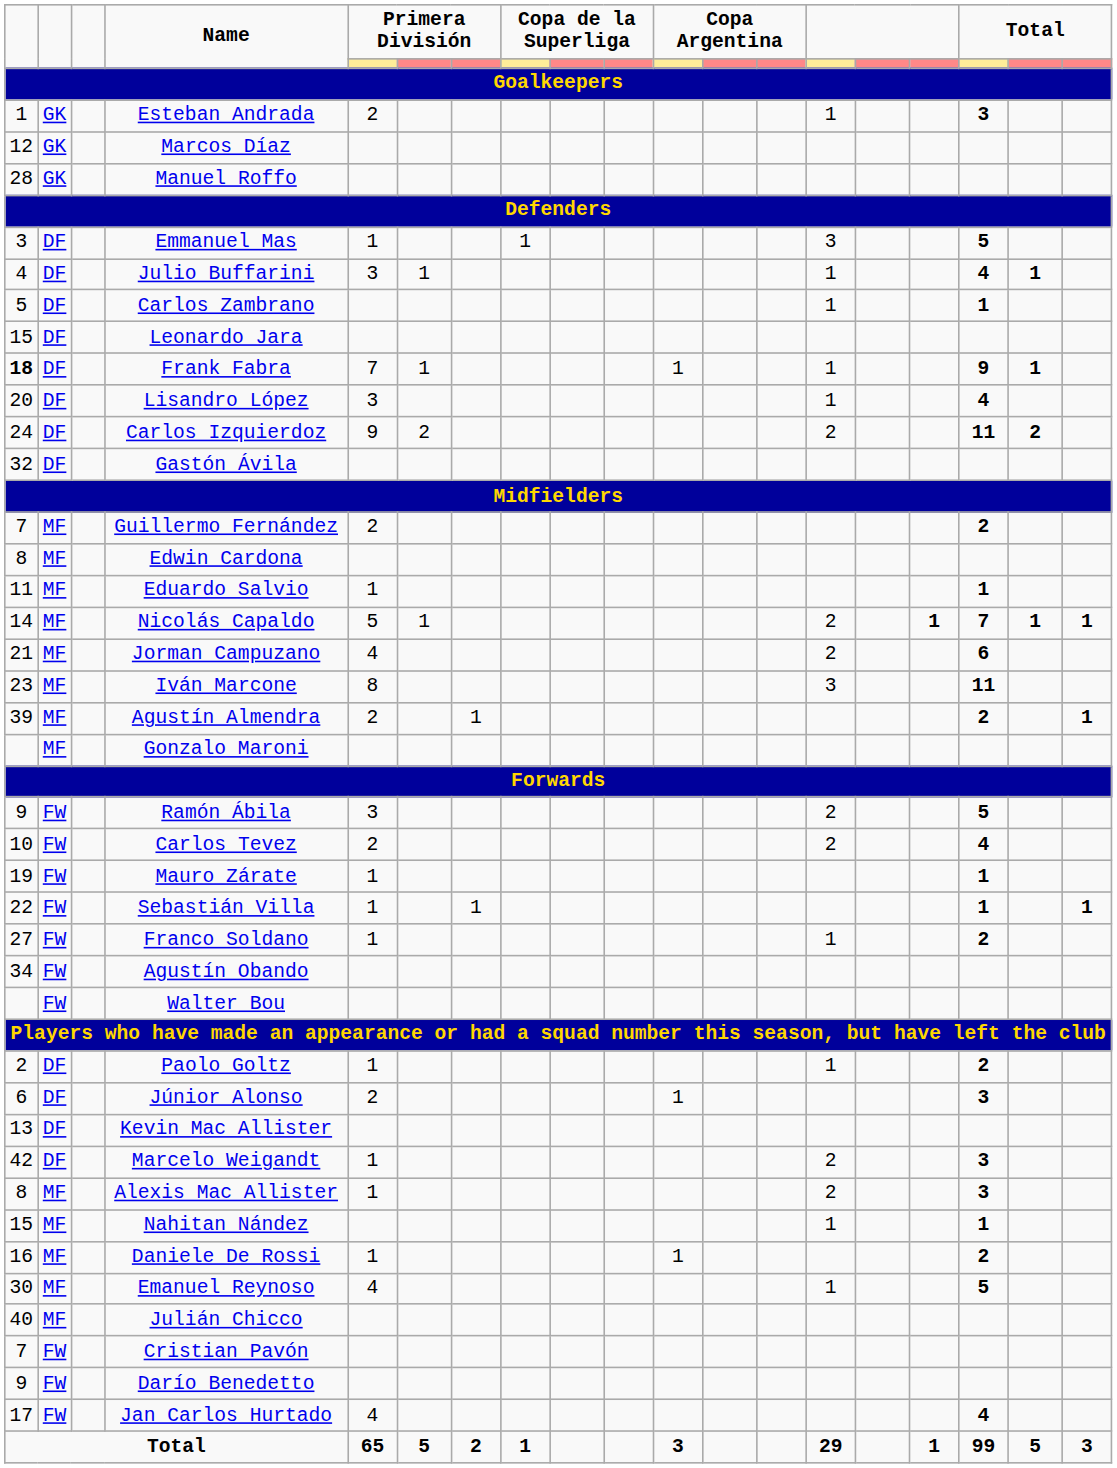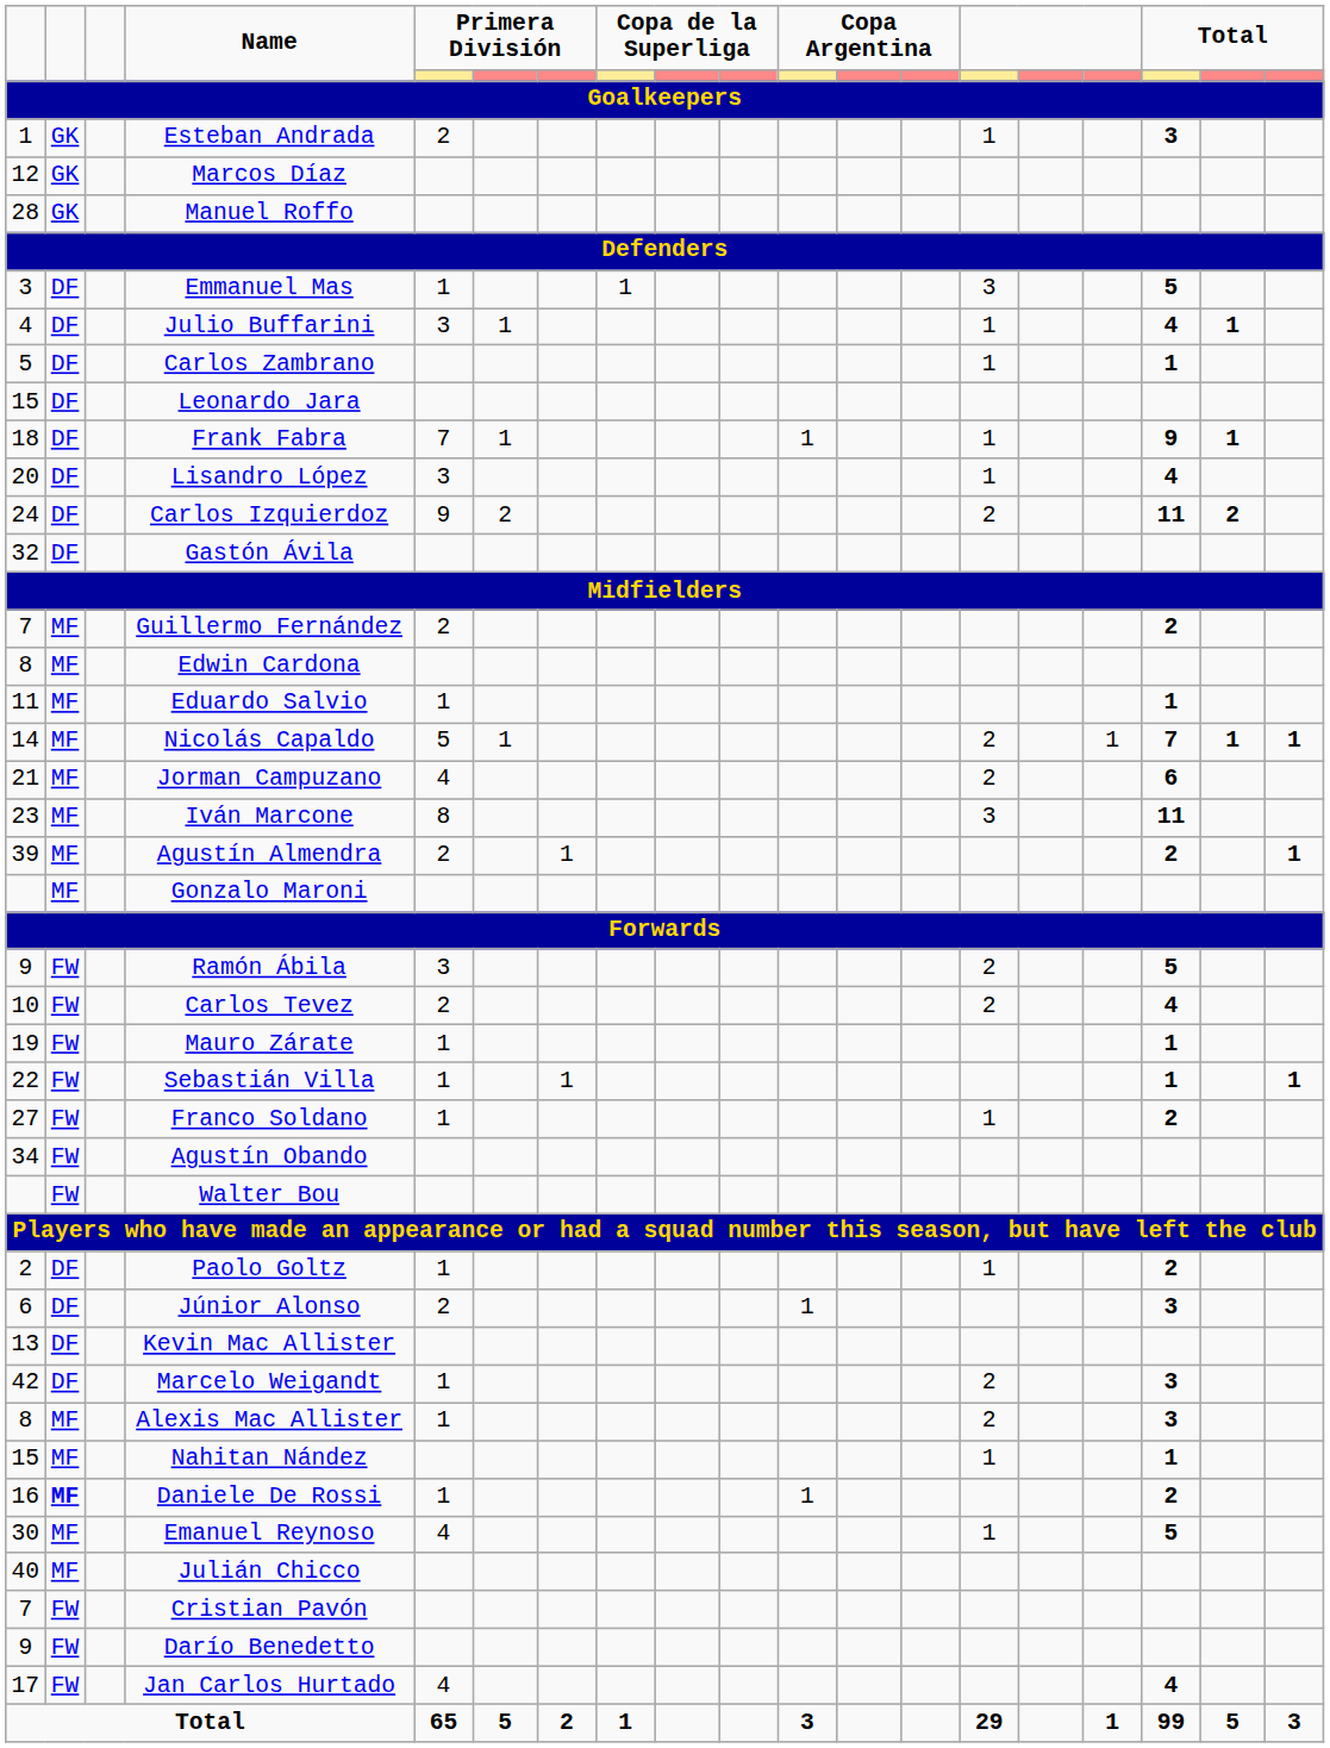 <table class="wikitable" style="font-size: 95%; text-align: center;">
 <tr>
 <td rowspan="2"  style="width:3%; text-align:center;"><strong></strong></td>
 <td rowspan="2"  style="width:3%; text-align:center;"><strong></strong></td>
 <td rowspan="2"  style="width:3%; text-align:center;"><strong></strong></td>
 <td rowspan="2"  style="width:22%; text-align:center;"><strong>Name</strong></td>
 <td colspan="3" style="text-align:center;"><strong>Primera División</strong></td>
 <td colspan="3" style="text-align:center;"><strong>Copa de la Superliga</strong></td>
 <td colspan="3" style="text-align:center;"><strong>Copa Argentina</strong></td>
 <td colspan="3" style="text-align:center;"><strong></strong></td>
 <td colspan="3" style="text-align:center;"><strong>Total</strong></td>
 </tr>
 <tr>
 <th style="width:25px; background:#fe9;"></th>
 <th style="width:28px; background:#ff8888;"></th>
 <th style="width:25px; background:#ff8888;"></th>
 <th style="width:25px; background:#fe9;"></th>
 <th style="width:28px; background:#ff8888;"></th>
 <th style="width:25px; background:#ff8888;"></th>
 <th style="width:25px; background:#fe9;"></th>
 <th style="width:28px; background:#ff8888;"></th>
 <th style="width:25px; background:#ff8888;"></th>
 <th style="width:25px; background:#fe9;"></th>
 <th style="width:28px; background:#ff8888;"></th>
 <th style="width:25px; background:#ff8888;"></th>
 <th style="width:25px; background:#fe9;"></th>
 <th style="width:28px; background:#ff8888;"></th>
 <th style="width:25px; background:#ff8888;"></th>
 </tr>
 <tr>
 <th colspan="22" style="background:#00009B; color:gold; text-align:center">Goalkeepers</th>
 </tr>
 <tr>
 <td>1</td>
 <td><a href='#'>GK</a></td>
 <td></td>
 <td><a href='#'>Esteban Andrada</a></td>
 <td>2</td>
 <td></td>
 <td></td>
 <td></td>
 <td></td>
 <td></td>
 <td></td>
 <td></td>
 <td></td>
 <td>1</td>
 <td></td>
 <td></td>
 <td><strong>3</strong></td>
 <td></td>
 <td></td>
 </tr>
 <tr>
 <td>12</td>
 <td><a href='#'>GK</a></td>
 <td></td>
 <td><a href='#'>Marcos Díaz</a></td>
 <td></td>
 <td></td>
 <td></td>
 <td></td>
 <td></td>
 <td></td>
 <td></td>
 <td></td>
 <td></td>
 <td></td>
 <td></td>
 <td></td>
 <td></td>
 <td></td>
 <td></td>
 </tr>
 <tr>
 <td>28</td>
 <td><a href='#'>GK</a></td>
 <td></td>
 <td><a href='#'>Manuel Roffo</a></td>
 <td></td>
 <td></td>
 <td></td>
 <td></td>
 <td></td>
 <td></td>
 <td></td>
 <td></td>
 <td></td>
 <td></td>
 <td></td>
 <td></td>
 <td></td>
 <td></td>
 <td></td>
 </tr>
 <tr>
 <th colspan="22" style="background:#00009B; color:gold; text-align:center">Defenders</th>
 </tr>
 <tr>
 <td>3</td>
 <td><a href='#'>DF</a></td>
 <td></td>
 <td><a href='#'>Emmanuel Mas</a></td>
 <td>1</td>
 <td></td>
 <td></td>
 <td>1</td>
 <td></td>
 <td></td>
 <td></td>
 <td></td>
 <td></td>
 <td>3</td>
 <td></td>
 <td></td>
 <td><strong>5</strong></td>
 <td></td>
 <td></td>
 </tr>
 <tr>
 <td>4</td>
 <td><a href='#'>DF</a></td>
 <td></td>
 <td><a href='#'>Julio Buffarini</a></td>
 <td>3</td>
 <td>1</td>
 <td></td>
 <td></td>
 <td></td>
 <td></td>
 <td></td>
 <td></td>
 <td></td>
 <td>1</td>
 <td></td>
 <td></td>
 <td><strong>4</strong></td>
 <td><strong>1</strong></td>
 <td></td>
 </tr>
 <tr>
 <td>5</td>
 <td><a href='#'>DF</a></td>
 <td></td>
 <td><a href='#'>Carlos Zambrano</a></td>
 <td></td>
 <td></td>
 <td></td>
 <td></td>
 <td></td>
 <td></td>
 <td></td>
 <td></td>
 <td></td>
 <td>1</td>
 <td></td>
 <td></td>
 <td><strong>1</strong></td>
 <td></td>
 <td></td>
 </tr>
 <tr>
 <td>15</td>
 <td><a href='#'>DF</a></td>
 <td></td>
 <td><a href='#'>Leonardo Jara</a></td>
 <td></td>
 <td></td>
 <td></td>
 <td></td>
 <td></td>
 <td></td>
 <td></td>
 <td></td>
 <td></td>
 <td></td>
 <td></td>
 <td></td>
 <td><strong> </strong></td>
 <td></td>
 <td></td>
 </tr>
 <tr>
-<td><strong>18</strong></td>
+<td>18</td>
 <td><a href='#'>DF</a></td>
 <td></td>
 <td><a href='#'>Frank Fabra</a></td>
 <td>7</td>
 <td>1</td>
 <td></td>
 <td></td>
 <td></td>
 <td></td>
 <td>1</td>
 <td></td>
 <td></td>
 <td>1</td>
 <td></td>
 <td></td>
 <td><strong>9</strong></td>
 <td><strong>1</strong></td>
 <td></td>
 </tr>
 <tr>
 <td>20</td>
 <td><a href='#'>DF</a></td>
 <td></td>
 <td><a href='#'>Lisandro López</a></td>
 <td>3</td>
 <td></td>
 <td></td>
 <td></td>
 <td></td>
 <td></td>
 <td></td>
 <td></td>
 <td></td>
 <td>1</td>
 <td></td>
 <td></td>
 <td><strong>4</strong></td>
 <td></td>
 <td></td>
 </tr>
 <tr>
 <td>24</td>
 <td><a href='#'>DF</a></td>
 <td></td>
 <td><a href='#'>Carlos Izquierdoz</a></td>
 <td>9</td>
 <td>2</td>
 <td></td>
 <td></td>
 <td></td>
 <td></td>
 <td></td>
 <td></td>
 <td></td>
 <td>2</td>
 <td></td>
 <td></td>
 <td><strong>11</strong></td>
 <td><strong>2</strong></td>
 <td></td>
 </tr>
 <tr>
 <td>32</td>
 <td><a href='#'>DF</a></td>
 <td></td>
 <td><a href='#'>Gastón Ávila</a></td>
 <td></td>
 <td></td>
 <td></td>
 <td></td>
 <td></td>
 <td></td>
 <td></td>
 <td></td>
 <td></td>
 <td></td>
 <td></td>
 <td></td>
 <td><strong> </strong></td>
 <td></td>
 <td></td>
 </tr>
 <tr>
 <th colspan="22" style="background:#00009B; color:gold; text-align:center">Midfielders</th>
 </tr>
 <tr>
 <td>7</td>
 <td><a href='#'>MF</a></td>
 <td></td>
 <td><a href='#'>Guillermo Fernández</a></td>
 <td>2</td>
 <td></td>
 <td></td>
 <td></td>
 <td></td>
 <td></td>
 <td></td>
 <td></td>
 <td></td>
 <td></td>
 <td></td>
 <td></td>
 <td><strong>2</strong></td>
 <td></td>
 <td></td>
 </tr>
 <tr>
 <td>8</td>
 <td><a href='#'>MF</a></td>
 <td></td>
 <td><a href='#'>Edwin Cardona</a></td>
 <td></td>
 <td></td>
 <td></td>
 <td></td>
 <td></td>
 <td></td>
 <td></td>
 <td></td>
 <td></td>
 <td></td>
 <td></td>
 <td></td>
 <td><strong> </strong></td>
 <td></td>
 <td></td>
 </tr>
 <tr>
 <td>11</td>
 <td><a href='#'>MF</a></td>
 <td></td>
 <td><a href='#'>Eduardo Salvio</a></td>
 <td>1</td>
 <td></td>
 <td></td>
 <td></td>
 <td></td>
 <td></td>
 <td></td>
 <td></td>
 <td></td>
 <td></td>
 <td></td>
 <td></td>
 <td><strong>1</strong></td>
 <td></td>
 <td></td>
 </tr>
 <tr>
 <td>14</td>
 <td><a href='#'>MF</a></td>
 <td></td>
 <td><a href='#'>Nicolás Capaldo</a></td>
 <td>5</td>
 <td>1</td>
 <td></td>
 <td></td>
 <td></td>
 <td></td>
 <td></td>
 <td></td>
 <td></td>
 <td>2</td>
 <td></td>
-<td><strong>1</strong></td>
+<td>1</td>
 <td><strong>7</strong></td>
 <td><strong>1</strong></td>
 <td><strong>1</strong></td>
 </tr>
 <tr>
 <td>21</td>
 <td><a href='#'>MF</a></td>
 <td></td>
 <td><a href='#'>Jorman Campuzano</a></td>
 <td>4</td>
 <td></td>
 <td></td>
 <td></td>
 <td></td>
 <td></td>
 <td></td>
 <td></td>
 <td></td>
 <td>2</td>
 <td></td>
 <td></td>
 <td><strong>6</strong></td>
 <td></td>
 <td></td>
 </tr>
 <tr>
 <td>23</td>
 <td><a href='#'>MF</a></td>
 <td></td>
 <td><a href='#'>Iván Marcone</a></td>
 <td>8</td>
 <td></td>
 <td></td>
 <td></td>
 <td></td>
 <td></td>
 <td></td>
 <td></td>
 <td></td>
 <td>3</td>
 <td></td>
 <td></td>
 <td><strong>11</strong></td>
 <td></td>
 <td></td>
 </tr>
 <tr>
 <td>39</td>
 <td><a href='#'>MF</a></td>
 <td></td>
 <td><a href='#'>Agustín Almendra</a></td>
 <td>2</td>
 <td></td>
 <td>1</td>
 <td></td>
 <td></td>
 <td></td>
 <td></td>
 <td></td>
 <td></td>
 <td></td>
 <td></td>
 <td></td>
 <td><strong>2</strong></td>
 <td></td>
 <td><strong>1</strong></td>
 </tr>
 <tr>
 <td></td>
 <td><a href='#'>MF</a></td>
 <td></td>
 <td><a href='#'>Gonzalo Maroni</a></td>
 <td></td>
 <td></td>
 <td></td>
 <td></td>
 <td></td>
 <td></td>
 <td></td>
 <td></td>
 <td></td>
 <td></td>
 <td></td>
 <td></td>
 <td><strong> </strong></td>
 <td></td>
 <td></td>
 </tr>
 <tr>
 <th colspan="22" style="background:#00009B; color:gold; text-align:center">Forwards</th>
 </tr>
 <tr>
 <td>9</td>
 <td><a href='#'>FW</a></td>
 <td></td>
 <td><a href='#'>Ramón Ábila</a></td>
 <td>3</td>
 <td></td>
 <td></td>
 <td></td>
 <td></td>
 <td></td>
 <td></td>
 <td></td>
 <td></td>
 <td>2</td>
 <td></td>
 <td></td>
 <td><strong>5</strong></td>
 <td></td>
 <td></td>
 </tr>
 <tr>
 <td>10</td>
 <td><a href='#'>FW</a></td>
 <td></td>
 <td><a href='#'>Carlos Tevez</a></td>
 <td>2</td>
 <td></td>
 <td></td>
 <td></td>
 <td></td>
 <td></td>
 <td></td>
 <td></td>
 <td></td>
 <td>2</td>
 <td></td>
 <td></td>
 <td><strong>4</strong></td>
 <td></td>
 <td></td>
 </tr>
 <tr>
 <td>19</td>
 <td><a href='#'>FW</a></td>
 <td></td>
 <td><a href='#'>Mauro Zárate</a></td>
 <td>1</td>
 <td></td>
 <td></td>
 <td></td>
 <td></td>
 <td></td>
 <td></td>
 <td></td>
 <td></td>
 <td></td>
 <td></td>
 <td></td>
 <td><strong>1</strong></td>
 <td></td>
 <td></td>
 </tr>
 <tr>
 <td>22</td>
 <td><a href='#'>FW</a></td>
 <td></td>
 <td><a href='#'>Sebastián Villa</a></td>
 <td>1</td>
 <td></td>
 <td>1</td>
 <td></td>
 <td></td>
 <td></td>
 <td></td>
 <td></td>
 <td></td>
 <td></td>
 <td></td>
 <td></td>
 <td><strong>1</strong></td>
 <td></td>
 <td><strong>1</strong></td>
 </tr>
 <tr>
 <td>27</td>
 <td><a href='#'>FW</a></td>
 <td></td>
 <td><a href='#'>Franco Soldano</a></td>
 <td>1</td>
 <td></td>
 <td></td>
 <td></td>
 <td></td>
 <td></td>
 <td></td>
 <td></td>
 <td></td>
 <td>1</td>
 <td></td>
 <td></td>
 <td><strong>2</strong></td>
 <td></td>
 <td></td>
 </tr>
 <tr>
 <td>34</td>
 <td><a href='#'>FW</a></td>
 <td></td>
 <td><a href='#'>Agustín Obando</a></td>
 <td></td>
 <td></td>
 <td></td>
 <td></td>
 <td></td>
 <td></td>
 <td></td>
 <td></td>
 <td></td>
 <td></td>
 <td></td>
 <td></td>
 <td><strong> </strong></td>
 <td></td>
 <td></td>
 </tr>
 <tr>
 <td></td>
 <td><a href='#'>FW</a></td>
 <td></td>
 <td><a href='#'>Walter Bou</a></td>
 <td></td>
 <td></td>
 <td></td>
 <td></td>
 <td></td>
 <td></td>
 <td></td>
 <td></td>
 <td></td>
 <td></td>
 <td></td>
 <td></td>
 <td><strong> </strong></td>
 <td></td>
 <td></td>
 </tr>
 <tr>
 <th colspan="22" style="background:#00009B; color:gold; text-align:center">Players who have made an appearance or had a squad number this season, but have left the club</th>
 </tr>
 <tr>
 <td>2</td>
 <td><a href='#'>DF</a></td>
 <td></td>
 <td><a href='#'>Paolo Goltz</a></td>
 <td>1</td>
 <td></td>
 <td></td>
 <td></td>
 <td></td>
 <td></td>
 <td></td>
 <td></td>
 <td></td>
 <td>1</td>
 <td></td>
 <td></td>
 <td><strong>2</strong></td>
 <td></td>
 <td></td>
 </tr>
 <tr>
 <td>6</td>
 <td><a href='#'>DF</a></td>
 <td></td>
 <td><a href='#'>Júnior Alonso</a></td>
 <td>2</td>
 <td></td>
 <td></td>
 <td></td>
 <td></td>
 <td></td>
 <td>1</td>
 <td></td>
 <td></td>
 <td></td>
 <td></td>
 <td></td>
 <td><strong>3</strong></td>
 <td></td>
 <td></td>
 </tr>
 <tr>
 <td>13</td>
 <td><a href='#'>DF</a></td>
 <td></td>
 <td><a href='#'>Kevin Mac Allister</a></td>
 <td></td>
 <td></td>
 <td></td>
 <td></td>
 <td></td>
 <td></td>
 <td></td>
 <td></td>
 <td></td>
 <td></td>
 <td></td>
 <td></td>
 <td><strong> </strong></td>
 <td></td>
 <td></td>
 </tr>
 <tr>
 <td>42</td>
 <td><a href='#'>DF</a></td>
 <td></td>
 <td><a href='#'>Marcelo Weigandt</a></td>
 <td>1</td>
 <td></td>
 <td></td>
 <td></td>
 <td></td>
 <td></td>
 <td></td>
 <td></td>
 <td></td>
 <td>2</td>
 <td></td>
 <td></td>
 <td><strong>3</strong></td>
 <td></td>
 <td></td>
 </tr>
 <tr>
 <td>8</td>
 <td><a href='#'>MF</a></td>
 <td></td>
 <td><a href='#'>Alexis Mac Allister</a></td>
 <td>1</td>
 <td></td>
 <td></td>
 <td></td>
 <td></td>
 <td></td>
 <td></td>
 <td></td>
 <td></td>
 <td>2</td>
 <td></td>
 <td></td>
 <td><strong>3</strong></td>
 <td></td>
 <td></td>
 </tr>
 <tr>
 <td>15</td>
 <td><a href='#'>MF</a></td>
 <td></td>
 <td><a href='#'>Nahitan Nández</a></td>
 <td></td>
 <td></td>
 <td></td>
 <td></td>
 <td></td>
 <td></td>
 <td></td>
 <td></td>
 <td></td>
 <td>1</td>
 <td></td>
 <td></td>
 <td><strong>1</strong></td>
 <td></td>
 <td></td>
 </tr>
 <tr>
 <td>16</td>
-<td><a href='#'>MF</a></td>
+<td><strong><a href='#'>MF</a></strong></td>
 <td></td>
 <td><a href='#'>Daniele De Rossi</a></td>
 <td>1</td>
 <td></td>
 <td></td>
 <td></td>
 <td></td>
 <td></td>
 <td>1</td>
 <td></td>
 <td></td>
 <td></td>
 <td></td>
 <td></td>
 <td><strong>2</strong></td>
 <td></td>
 <td></td>
 </tr>
 <tr>
 <td>30</td>
 <td><a href='#'>MF</a></td>
 <td></td>
 <td><a href='#'>Emanuel Reynoso</a></td>
 <td>4</td>
 <td></td>
 <td></td>
 <td></td>
 <td></td>
 <td></td>
 <td></td>
 <td></td>
 <td></td>
 <td>1</td>
 <td></td>
 <td></td>
 <td><strong>5</strong></td>
 <td></td>
 <td></td>
 </tr>
 <tr>
 <td>40</td>
 <td><a href='#'>MF</a></td>
 <td></td>
 <td><a href='#'>Julián Chicco</a></td>
 <td></td>
 <td></td>
 <td></td>
 <td></td>
 <td></td>
 <td></td>
 <td></td>
 <td></td>
 <td></td>
 <td></td>
 <td></td>
 <td></td>
 <td><strong> </strong></td>
 <td></td>
 <td></td>
 </tr>
 <tr>
 <td>7</td>
 <td><a href='#'>FW</a></td>
 <td></td>
 <td><a href='#'>Cristian Pavón</a></td>
 <td></td>
 <td></td>
 <td></td>
 <td></td>
 <td></td>
 <td></td>
 <td></td>
 <td></td>
 <td></td>
 <td></td>
 <td></td>
 <td></td>
 <td><strong> </strong></td>
 <td></td>
 <td></td>
 </tr>
 <tr>
 <td>9</td>
 <td><a href='#'>FW</a></td>
 <td></td>
 <td><a href='#'>Darío Benedetto</a></td>
 <td></td>
 <td></td>
 <td></td>
 <td></td>
 <td></td>
 <td></td>
 <td></td>
 <td></td>
 <td></td>
 <td></td>
 <td></td>
 <td></td>
 <td><strong> </strong></td>
 <td></td>
 <td></td>
 </tr>
 <tr>
 <td>17</td>
 <td><a href='#'>FW</a></td>
 <td></td>
 <td><a href='#'>Jan Carlos Hurtado</a></td>
 <td>4</td>
 <td></td>
 <td></td>
 <td></td>
 <td></td>
 <td></td>
 <td></td>
 <td></td>
 <td></td>
 <td></td>
 <td></td>
 <td></td>
 <td><strong>4</strong></td>
 <td></td>
 <td></td>
 </tr>
 <tr>
 <td colspan=4><strong>Total</strong></td>
 <td><strong>65</strong></td>
 <td><strong>5</strong></td>
 <td><strong>2</strong></td>
 <td><strong>1</strong></td>
 <td><strong> </strong></td>
 <td><strong> </strong></td>
 <td><strong>3</strong></td>
 <td><strong> </strong></td>
 <td><strong> </strong></td>
 <td><strong>29</strong></td>
 <td><strong> </strong></td>
 <td><strong>1</strong></td>
 <td><strong>99</strong></td>
 <td><strong>5</strong></td>
 <td><strong>3</strong></td>
 </tr>
 </table>
